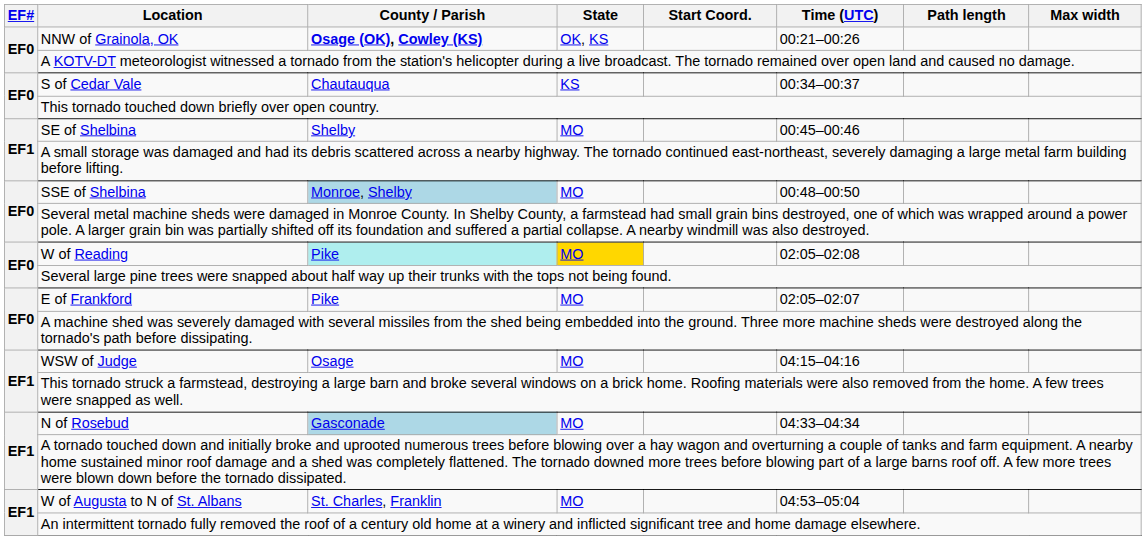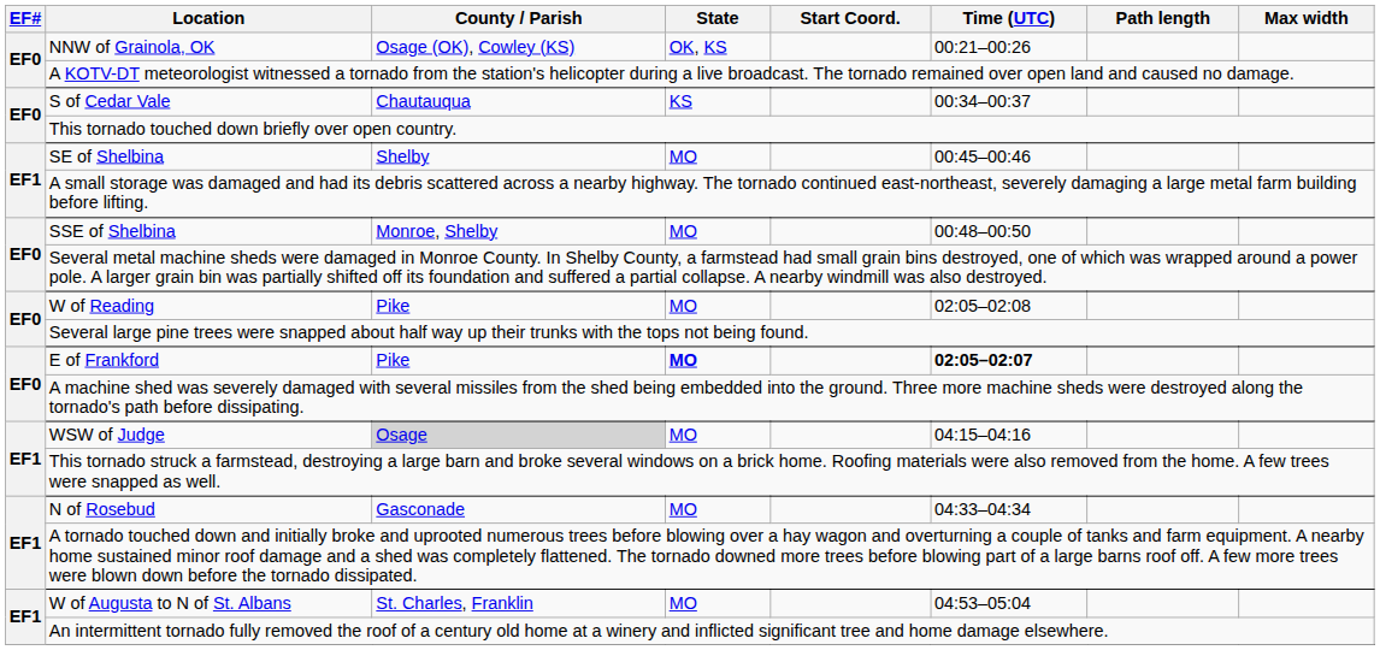 <table class="wikitable sortable" style="width:100%;">
 <tr>
 <th scope="col" width="2%" align="center"><a href='#'>EF#</a></th>
 <th scope="col" align="center" class="unsortable">Location</th>
 <th scope="col" align="center" class="unsortable">County / Parish</th>
 <th scope="col" align="center">State</th>
 <th scope="col" align="center">Start Coord.</th>
 <th scope="col" align="center">Time (<a href='#'>UTC</a>)</th>
 <th scope="col" align="center">Path length</th>
 <th scope="col" align="center">Max width</th>
 </tr>
 <tr>
 <th scope="row" rowspan="2" style="background-color:#">EF0</th>
 <td>NNW of <a href='#'>Grainola, OK</a></td>
-<td><strong><a href='#'>Osage (OK)</a>, <a href='#'>Cowley (KS)</a></strong></td>
+<td><a href='#'>Osage (OK)</a>, <a href='#'>Cowley (KS)</a></td>
 <td><a href='#'>OK</a>, <a href='#'>KS</a></td>
 <td></td>
 <td>00:21–00:26</td>
 <td></td>
 <td></td>
 </tr>
 <tr class="expand-child">
 <td colspan="8" style=" border-bottom: 1px solid black;">A <a href='#'>KOTV-DT</a> meteorologist witnessed a tornado from the station's helicopter during a live broadcast. The tornado remained over open land and caused no damage.</td>
 </tr>
 <tr>
 <th scope="row" rowspan="2" style="background-color:#">EF0</th>
 <td>S of <a href='#'>Cedar Vale</a></td>
 <td><a href='#'>Chautauqua</a></td>
 <td><a href='#'>KS</a></td>
 <td></td>
 <td>00:34–00:37</td>
 <td></td>
 <td></td>
 </tr>
 <tr class="expand-child">
 <td colspan="8" style=" border-bottom: 1px solid black;">This tornado touched down briefly over open country.</td>
 </tr>
 <tr>
 <th scope="row" rowspan="2" style="background-color:#">EF1</th>
 <td>SE of <a href='#'>Shelbina</a></td>
 <td><a href='#'>Shelby</a></td>
 <td><a href='#'>MO</a></td>
 <td></td>
 <td>00:45–00:46</td>
 <td></td>
 <td></td>
 </tr>
 <tr class="expand-child">
 <td colspan="8" style=" border-bottom: 1px solid black;">A small storage was damaged and had its debris scattered across a nearby highway. The tornado continued east-northeast, severely damaging a large metal farm building before lifting.</td>
 </tr>
 <tr>
 <th scope="row" rowspan="2" style="background-color:#">EF0</th>
 <td>SSE of <a href='#'>Shelbina</a></td>
-<td style="background: lightblue;"><a href='#'>Monroe</a>, <a href='#'>Shelby</a></td>
+<td><a href='#'>Monroe</a>, <a href='#'>Shelby</a></td>
 <td><a href='#'>MO</a></td>
 <td></td>
 <td>00:48–00:50</td>
 <td></td>
 <td></td>
 </tr>
 <tr class="expand-child">
 <td colspan="8" style=" border-bottom: 1px solid black;">Several metal machine sheds were damaged in Monroe County. In Shelby County, a farmstead had small grain bins destroyed, one of which was wrapped around a power pole. A larger grain bin was partially shifted off its foundation and suffered a partial collapse. A nearby windmill was also destroyed.</td>
 </tr>
 <tr>
 <th scope="row" rowspan="2" style="background-color:#">EF0</th>
 <td>W of <a href='#'>Reading</a></td>
-<td style="background: paleturquoise;"><a href='#'>Pike</a></td>
-<td style="background: gold;"><a href='#'>MO</a></td>
+<td><a href='#'>Pike</a></td>
+<td><a href='#'>MO</a></td>
 <td></td>
 <td>02:05–02:08</td>
 <td></td>
 <td></td>
 </tr>
 <tr class="expand-child">
 <td colspan="8" style=" border-bottom: 1px solid black;">Several large pine trees were snapped about half way up their trunks with the tops not being found.</td>
 </tr>
 <tr>
 <th scope="row" rowspan="2" style="background-color:#">EF0</th>
 <td>E of <a href='#'>Frankford</a></td>
 <td><a href='#'>Pike</a></td>
-<td><a href='#'>MO</a></td>
+<td><strong><a href='#'>MO</a></strong></td>
 <td></td>
-<td>02:05–02:07</td>
+<td><strong>02:05–02:07</strong></td>
 <td></td>
 <td></td>
 </tr>
 <tr class="expand-child">
 <td colspan="8" style=" border-bottom: 1px solid black;">A machine shed was severely damaged with several missiles from the shed being embedded into the ground. Three more machine sheds were destroyed along the tornado's path before dissipating.</td>
 </tr>
 <tr>
 <th scope="row" rowspan="2" style="background-color:#">EF1</th>
 <td>WSW of <a href='#'>Judge</a></td>
-<td><a href='#'>Osage</a></td>
+<td style="background: lightgrey;"><a href='#'>Osage</a></td>
 <td><a href='#'>MO</a></td>
 <td></td>
 <td>04:15–04:16</td>
 <td></td>
 <td></td>
 </tr>
 <tr class="expand-child">
 <td colspan="8" style=" border-bottom: 1px solid black;">This tornado struck a farmstead, destroying a large barn and broke several windows on a brick home. Roofing materials were also removed from the home. A few trees were snapped as well.</td>
 </tr>
 <tr>
 <th scope="row" rowspan="2" style="background-color:#">EF1</th>
 <td>N of <a href='#'>Rosebud</a></td>
-<td style="background: lightblue;"><a href='#'>Gasconade</a></td>
+<td><a href='#'>Gasconade</a></td>
 <td><a href='#'>MO</a></td>
 <td></td>
 <td>04:33–04:34</td>
 <td></td>
 <td></td>
 </tr>
 <tr class="expand-child">
 <td colspan="8" style=" border-bottom: 1px solid black;">A tornado touched down and initially broke and uprooted numerous trees before blowing over a hay wagon and overturning a couple of tanks and farm equipment. A nearby home sustained minor roof damage and a shed was completely flattened. The tornado downed more trees before blowing part of a large barns roof off. A few more trees were blown down before the tornado dissipated.</td>
 </tr>
 <tr>
 <th scope="row" rowspan="2" style="background-color:#">EF1</th>
 <td>W of <a href='#'>Augusta</a> to N of <a href='#'>St. Albans</a></td>
 <td><a href='#'>St. Charles</a>, <a href='#'>Franklin</a></td>
 <td><a href='#'>MO</a></td>
 <td></td>
 <td>04:53–05:04</td>
 <td></td>
 <td></td>
 </tr>
 <tr class="expand-child">
 <td colspan="8" style=" border-bottom: 1px solid black;">An intermittent tornado fully removed the roof of a century old home at a winery and inflicted significant tree and home damage elsewhere.</td>
 </tr>
 <tr>
 </tr>
 </table>
